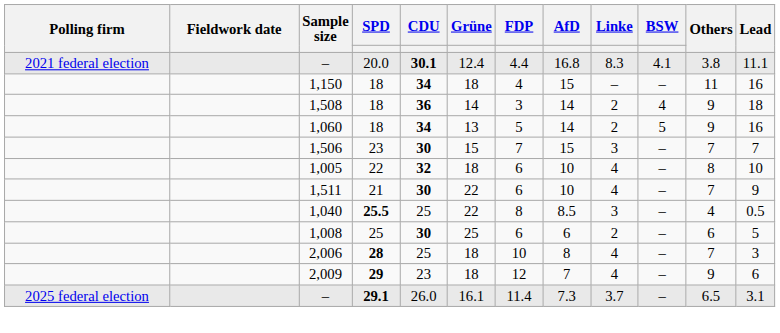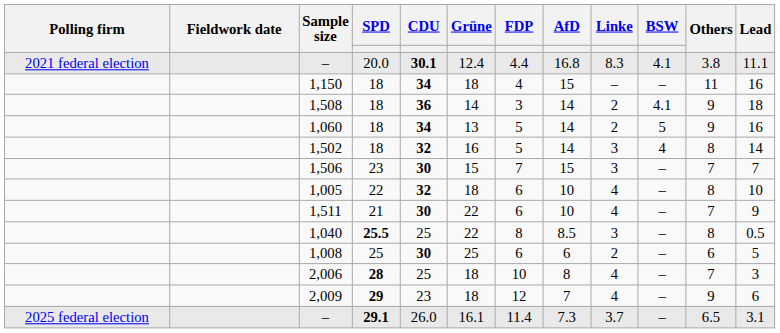 <table class="wikitable sortable mw-datatable mw-collapsible" style="text-align:center;font-size:90%;line-height:14px;">
 <tr style="height:40px;">
 <th style="width:155px;" rowspan="2">Polling firm</th>
 <th style="width:120px;" rowspan="2">Fieldwork date</th>
 <th style="width: 35px;" rowspan="2">Sample<br>size</th>
 <th class="unsortable" style="width:40px;"><a href='#'>SPD</a></th>
 <th class="unsortable" style="width:40px;"><a href='#'>CDU</a></th>
 <th class="unsortable" style="width:40px;"><a href='#'>Grüne</a></th>
 <th class="unsortable" style="width:40px;"><a href='#'>FDP</a></th>
 <th class="unsortable" style="width:40px;"><a href='#'>AfD</a></th>
 <th class="unsortable" style="width:40px;"><a href='#'>Linke</a></th>
 <th class="unsortable" style="width:40px;"><a href='#'>BSW</a></th>
 <th class="unsortable" style="width:30px;" rowspan="2">Others</th>
 <th style="width:30px;" rowspan="2">Lead</th>
 </tr>
 <tr>
 <th style="background:"></th>
 <th style="background:"></th>
 <th style="background:"></th>
 <th style="background:"></th>
 <th style="background:"></th>
 <th style="background:"></th>
 <th style="background:"></th>
 </tr>
 <tr style="background:#E9E9E9;">
 <td><a href='#'>2021 federal election</a></td>
 <td></td>
 <td>–</td>
 <td>20.0</td>
 <td><strong>30.1</strong></td>
 <td>12.4</td>
 <td>4.4</td>
 <td>16.8</td>
 <td>8.3</td>
 <td>4.1</td>
 <td>3.8</td>
 <td style="background:">11.1</td>
 </tr>
 <tr>
 <td></td>
 <td></td>
 <td>1,150</td>
 <td>18</td>
 <td><strong>34</strong></td>
 <td>18</td>
 <td>4</td>
 <td>15</td>
 <td>–</td>
 <td>–</td>
 <td>11</td>
 <td style="background:">16</td>
 </tr>
 <tr>
 <td></td>
 <td></td>
 <td>1,508</td>
 <td>18</td>
 <td><strong>36</strong></td>
 <td>14</td>
 <td>3</td>
 <td>14</td>
 <td>2</td>
-<td>4</td>
+<td>4.1</td>
 <td>9</td>
 <td style="background:">18</td>
 </tr>
 <tr>
 <td></td>
 <td></td>
 <td>1,060</td>
 <td>18</td>
 <td><strong>34</strong></td>
 <td>13</td>
 <td>5</td>
 <td>14</td>
 <td>2</td>
 <td>5</td>
 <td>9</td>
 <td style="background:">16</td>
+</tr>
+<tr>
+<td></td>
+<td></td>
+<td>1,502</td>
+<td>18</td>
+<td><strong>32</strong></td>
+<td>16</td>
+<td>5</td>
+<td>14</td>
+<td>3</td>
+<td>4</td>
+<td>8</td>
+<td style="background:">14</td>
 </tr>
 <tr>
 <td></td>
 <td></td>
 <td>1,506</td>
 <td>23</td>
 <td><strong>30</strong></td>
 <td>15</td>
 <td>7</td>
 <td>15</td>
 <td>3</td>
 <td>–</td>
 <td>7</td>
 <td style="background:">7</td>
 </tr>
 <tr>
 <td></td>
 <td></td>
 <td>1,005</td>
 <td>22</td>
 <td><strong>32</strong></td>
 <td>18</td>
 <td>6</td>
 <td>10</td>
 <td>4</td>
 <td>–</td>
 <td>8</td>
 <td style="background:">10</td>
 </tr>
 <tr>
 <td></td>
 <td></td>
 <td>1,511</td>
 <td>21</td>
 <td><strong>30</strong></td>
 <td>22</td>
 <td>6</td>
 <td>10</td>
 <td>4</td>
 <td>–</td>
 <td>7</td>
 <td style="background:">9</td>
 </tr>
 <tr>
 <td></td>
 <td></td>
 <td>1,040</td>
 <td><strong>25.5</strong></td>
 <td>25</td>
 <td>22</td>
 <td>8</td>
 <td>8.5</td>
 <td>3</td>
 <td>–</td>
-<td>4</td>
+<td>8</td>
 <td style="background:">0.5</td>
 </tr>
 <tr>
 <td></td>
 <td></td>
 <td>1,008</td>
 <td>25</td>
 <td><strong>30</strong></td>
 <td>25</td>
 <td>6</td>
 <td>6</td>
 <td>2</td>
 <td>–</td>
 <td>6</td>
 <td style="background:">5</td>
 </tr>
 <tr>
 <td></td>
 <td></td>
 <td>2,006</td>
 <td><strong>28</strong></td>
 <td>25</td>
 <td>18</td>
 <td>10</td>
 <td>8</td>
 <td>4</td>
 <td>–</td>
 <td>7</td>
 <td style="background:">3</td>
 </tr>
 <tr>
 <td></td>
 <td></td>
 <td>2,009</td>
 <td><strong>29</strong></td>
 <td>23</td>
 <td>18</td>
 <td>12</td>
 <td>7</td>
 <td>4</td>
 <td>–</td>
 <td>9</td>
 <td style="background:">6</td>
 </tr>
 <tr style="background:#E9E9E9;">
 <td><a href='#'>2025 federal election</a></td>
 <td></td>
 <td>–</td>
 <td><strong>29.1</strong></td>
 <td>26.0</td>
 <td>16.1</td>
 <td>11.4</td>
 <td>7.3</td>
 <td>3.7</td>
 <td>–</td>
 <td>6.5</td>
 <td style="background:">3.1</td>
 </tr>
 </table>
